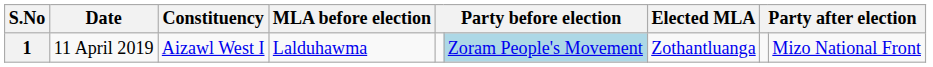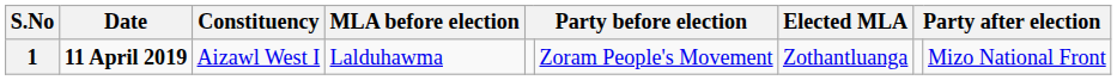 <table class="wikitable sortable">
 <tr>
 <th>S.No</th>
 <th>Date</th>
 <th>Constituency</th>
 <th>MLA before election</th>
 <th colspan="2">Party before election</th>
 <th>Elected MLA</th>
 <th colspan="2">Party after election</th>
 </tr>
 <tr>
 <th>1</th>
-<td>11 April 2019</td>
+<td><strong>11 April 2019</strong></td>
 <td><a href='#'>Aizawl West I</a></td>
 <td><a href='#'>Lalduhawma</a></td>
 <td></td>
-<td style="background: lightblue;"><a href='#'>Zoram People's Movement</a></td>
+<td><a href='#'>Zoram People's Movement</a></td>
 <td><a href='#'>Zothantluanga</a></td>
 <td></td>
 <td><a href='#'>Mizo National Front</a></td>
 </tr>
 </table>
